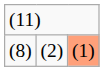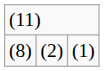 <table class="wikitable">
 <tr>
 <td colspan="3"> (11)</td>
 </tr>
 <tr>
 <td> (8)</td>
 <td> (2)</td>
-<td style="background: lightsalmon;"> (1)</td>
+<td> (1)</td>
 </tr>
 </table>
